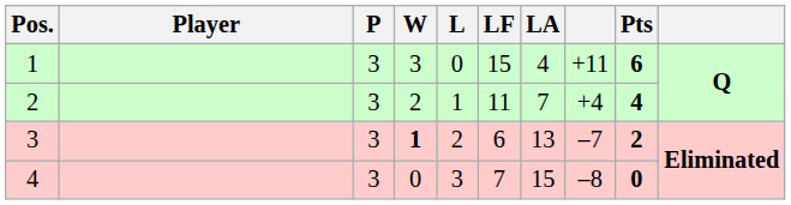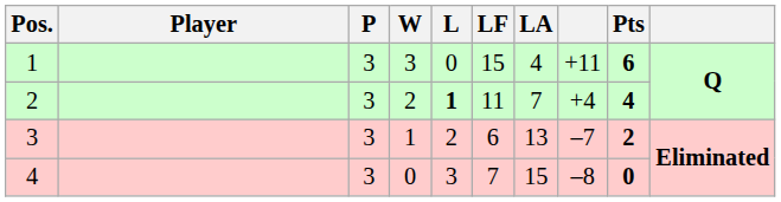 <table class="wikitable" style="text-align:center; margin: 1em auto 1em auto, align:left">
 <tr>
 <th width=20>Pos.</th>
 <th width=185>Player</th>
 <th width=20>P</th>
 <th width=20>W</th>
 <th width=20>L</th>
 <th width=20>LF</th>
 <th width=20>LA</th>
 <th width=25></th>
 <th width=20>Pts</th>
 <th width=70></th>
 </tr>
 <tr style="background:#CCFFCC;">
 <td>1</td>
 <td style="text-align:left"></td>
 <td>3</td>
 <td>3</td>
 <td>0</td>
 <td>15</td>
 <td>4</td>
 <td>+11</td>
 <td><strong>6</strong></td>
 <td rowspan=2><strong>Q</strong></td>
 </tr>
 <tr style="background:#CCFFCC;">
 <td>2</td>
 <td style="text-align:left"></td>
 <td>3</td>
 <td>2</td>
-<td>1</td>
+<td><strong>1</strong></td>
 <td>11</td>
 <td>7</td>
 <td>+4</td>
 <td><strong>4</strong></td>
 </tr>
 <tr style="background:#FFccCC;">
 <td>3</td>
 <td style="text-align:left"></td>
 <td>3</td>
-<td><strong>1</strong></td>
+<td>1</td>
 <td>2</td>
 <td>6</td>
 <td>13</td>
 <td>–7</td>
 <td><strong>2</strong></td>
 <td rowspan=2><strong>Eliminated</strong></td>
 </tr>
 <tr style="background:#FFccCC;">
 <td>4</td>
 <td style="text-align:left"></td>
 <td>3</td>
 <td>0</td>
 <td>3</td>
 <td>7</td>
 <td>15</td>
 <td>–8</td>
 <td><strong>0</strong></td>
 </tr>
 </table>
